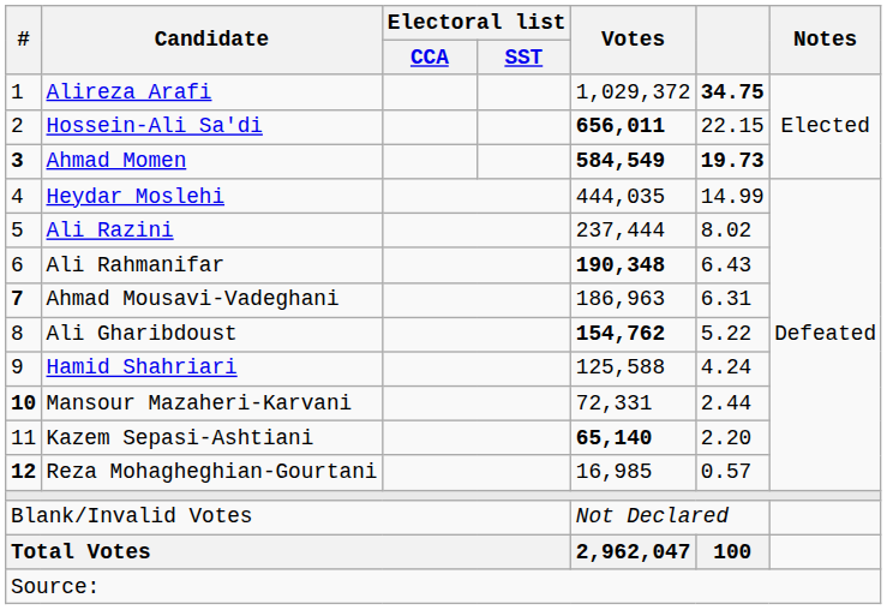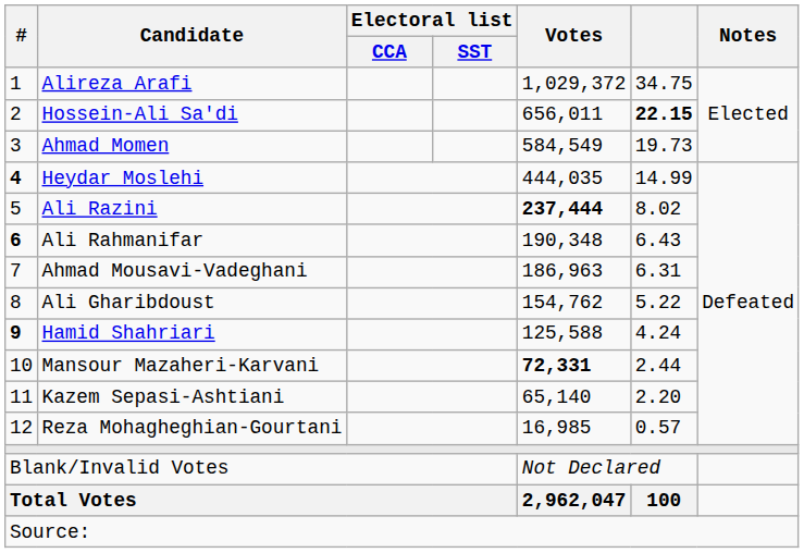 <table class=wikitable style=text-align:left>
 <tr>
 <th rowspan="2">#</th>
 <th rowspan="2">Candidate</th>
 <th colspan="2">Electoral list</th>
 <th rowspan="2">Votes</th>
 <th rowspan="2"></th>
 <th rowspan="2">Notes</th>
 </tr>
 <tr>
 <th><a href='#'>CCA</a></th>
 <th><a href='#'>SST</a></th>
 </tr>
 <tr>
 <td>1</td>
 <td><a href='#'>Alireza Arafi</a></td>
 <td style="text-align:center;"></td>
 <td style="text-align:center;"></td>
 <td>1,029,372</td>
-<td><strong>34.75</strong></td>
+<td>34.75</td>
 <td style="text-align:center;" rowspan="3">Elected</td>
 </tr>
 <tr>
 <td>2</td>
 <td><a href='#'>Hossein-Ali Sa'di</a></td>
 <td style="text-align:center;"></td>
 <td style="text-align:center;"></td>
-<td><strong>656,011</strong></td>
-<td>22.15</td>
+<td>656,011</td>
+<td><strong>22.15</strong></td>
 </tr>
 <tr>
-<td><strong>3</strong></td>
+<td>3</td>
 <td><a href='#'>Ahmad Momen</a></td>
 <td style="text-align:center;"></td>
 <td style="text-align:center;"></td>
-<td><strong>584,549</strong></td>
-<td><strong>19.73</strong></td>
+<td>584,549</td>
+<td>19.73</td>
 </tr>
 <tr>
-<td>4</td>
+<td><strong>4</strong></td>
 <td><a href='#'>Heydar Moslehi</a></td>
 <td colspan=2></td>
 <td>444,035</td>
 <td>14.99</td>
 <td style="text-align:center;" rowspan="9">Defeated</td>
 </tr>
 <tr>
 <td>5</td>
 <td><a href='#'>Ali Razini</a></td>
 <td colspan=2></td>
-<td>237,444</td>
+<td><strong>237,444</strong></td>
 <td>8.02</td>
 </tr>
 <tr>
-<td>6</td>
+<td><strong>6</strong></td>
 <td>Ali Rahmanifar</td>
 <td colspan=2></td>
-<td><strong>190,348</strong></td>
+<td>190,348</td>
 <td>6.43</td>
 </tr>
 <tr>
-<td><strong>7</strong></td>
+<td>7</td>
 <td>Ahmad Mousavi-Vadeghani</td>
 <td colspan=2></td>
 <td>186,963</td>
 <td>6.31</td>
 </tr>
 <tr>
 <td>8</td>
 <td>Ali Gharibdoust</td>
 <td colspan=2></td>
-<td><strong>154,762</strong></td>
+<td>154,762</td>
 <td>5.22</td>
 </tr>
 <tr>
-<td>9</td>
+<td><strong>9</strong></td>
 <td><a href='#'>Hamid Shahriari</a></td>
 <td colspan=2></td>
 <td>125,588</td>
 <td>4.24</td>
 </tr>
 <tr>
-<td><strong>10</strong></td>
+<td>10</td>
 <td>Mansour Mazaheri-Karvani</td>
 <td colspan=2></td>
-<td>72,331</td>
+<td><strong>72,331</strong></td>
 <td>2.44</td>
 </tr>
 <tr>
 <td>11</td>
 <td>Kazem Sepasi-Ashtiani</td>
 <td colspan=2></td>
-<td><strong>65,140</strong></td>
+<td>65,140</td>
 <td>2.20</td>
 </tr>
 <tr>
-<td><strong>12</strong></td>
+<td>12</td>
 <td>Reza Mohagheghian-Gourtani</td>
 <td colspan=2></td>
 <td>16,985</td>
 <td>0.57</td>
 </tr>
 <tr>
 <td colspan="9" style="background:#E9E9E9;"></td>
 </tr>
 <tr>
 <td colspan="4">Blank/Invalid Votes</td>
 <td colspan="2"><em>Not Declared</em></td>
 <td></td>
 </tr>
 <tr>
 <th style="text-align:left;" colspan="4">Total Votes</th>
 <th>2,962,047</th>
 <th>100</th>
 </tr>
 <tr>
 <td colspan="9" style="text-align:left;">Source: </td>
 </tr>
 </table>
